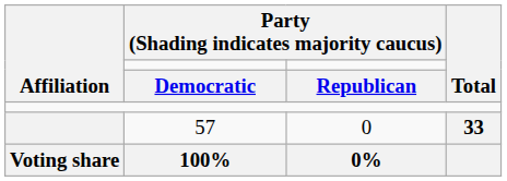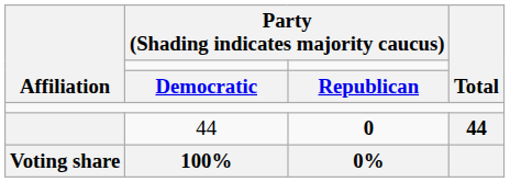 <table class=wikitable style="text-align:center">
 <tr style="vertical-align:bottom;">
 <th rowspan=3>Affiliation</th>
 <th colspan=2>Party <div>(Shading indicates majority caucus)</div></th>
 <th rowspan=3>Total</th>
 </tr>
 <tr style="height:5px">
 <td style="background-color:"></td>
 <td style="background-color:"></td>
 </tr>
 <tr>
 <th><a href='#'>Democratic</a></th>
 <th><a href='#'>Republican</a></th>
 </tr>
 <tr>
 <td colspan=5></td>
 </tr>
 <tr>
 <th nowrap style="font-size:80%"></th>
-<td>57</td>
-<td>0</td>
-<th>33</th>
+<td>44</td>
+<td><strong>0</strong></td>
+<th>44</th>
 </tr>
 <tr>
 <th>Voting share</th>
 <th>100%</th>
 <th>0% </th>
 <th colspan=2></th>
 </tr>
 </table>
